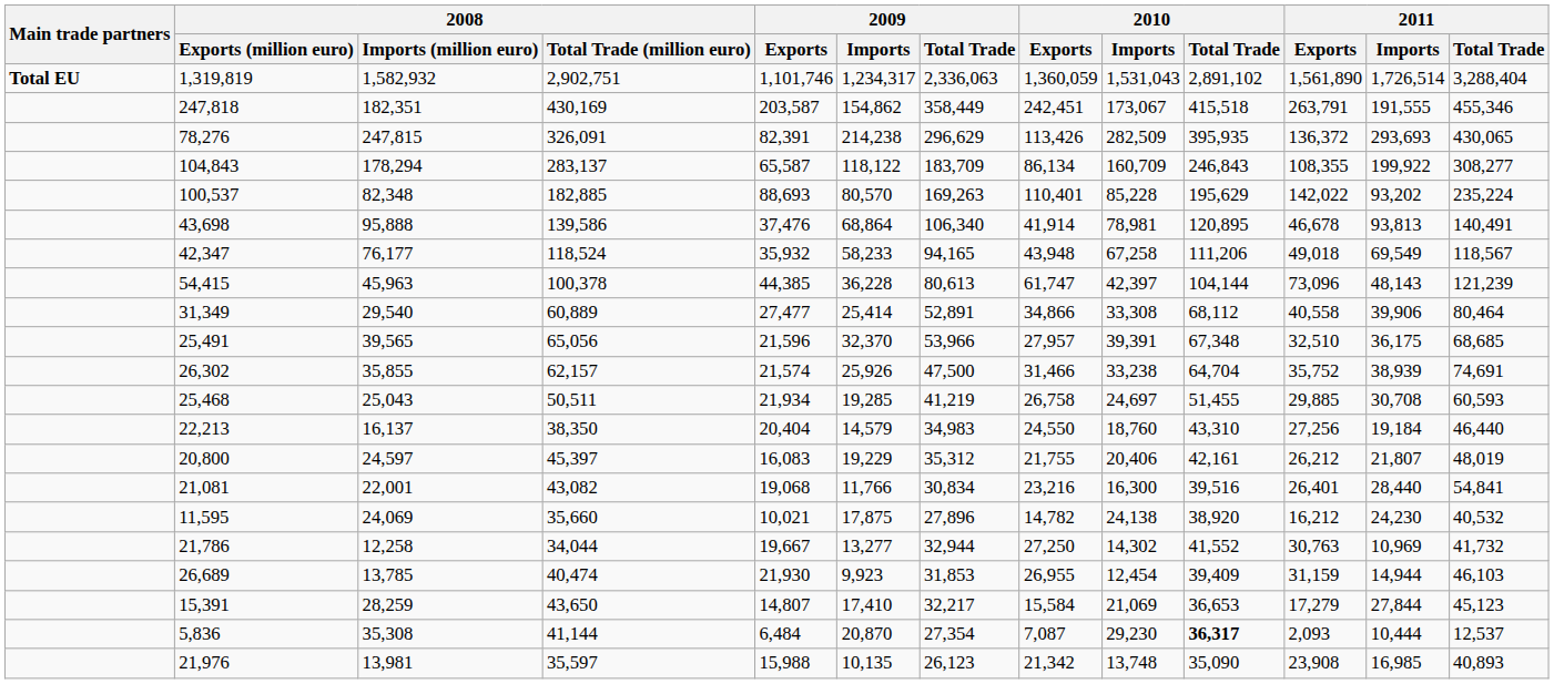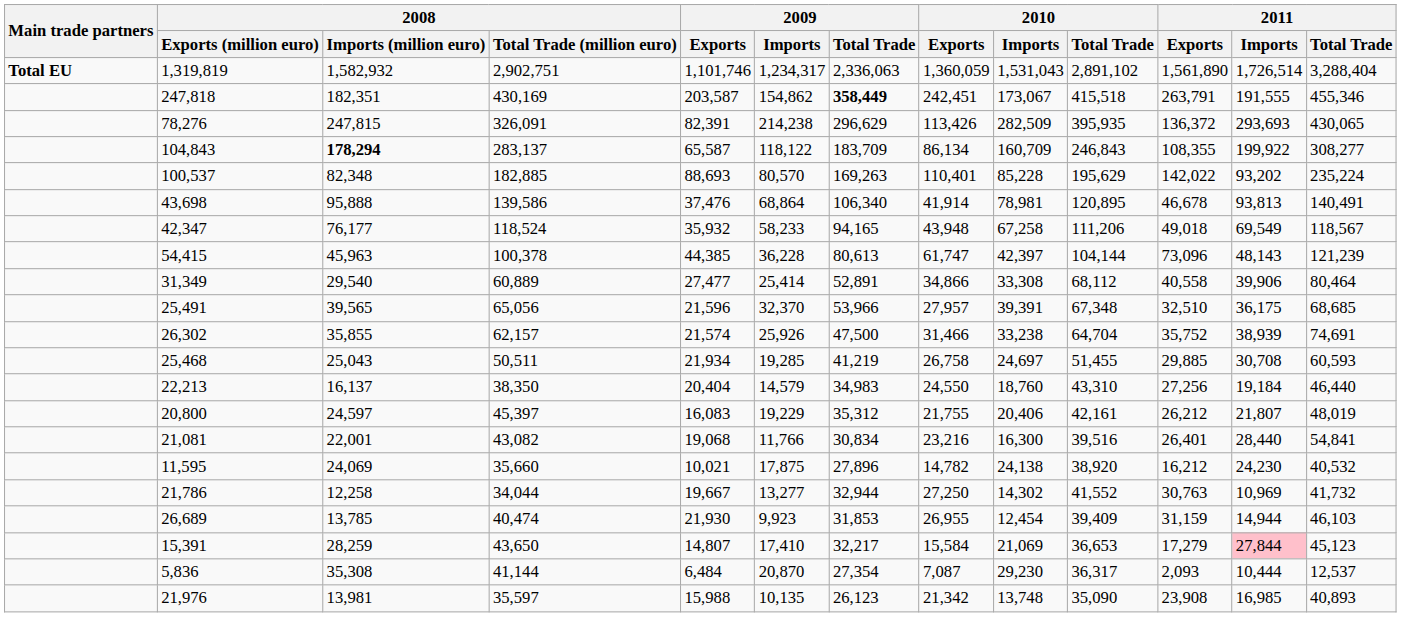 <table class="wikitable sortable mw-collapsible mw-collapsed col1left" >
 <tr>
 <th rowspan="2">Main trade partners</th>
 <th colspan="3">2008</th>
 <th colspan="3">2009</th>
 <th colspan="3">2010</th>
 <th colspan="3">2011</th>
 </tr>
 <tr>
 <th>Exports (million euro)</th>
 <th>Imports (million euro)</th>
 <th>Total Trade (million euro)</th>
 <th>Exports</th>
 <th>Imports</th>
 <th>Total Trade</th>
 <th>Exports</th>
 <th>Imports</th>
 <th>Total Trade</th>
 <th>Exports</th>
 <th>Imports</th>
 <th>Total Trade</th>
 </tr>
 <tr>
 <td><strong>Total EU</strong></td>
 <td>1,319,819</td>
 <td>1,582,932</td>
 <td>2,902,751</td>
 <td>1,101,746</td>
 <td>1,234,317</td>
 <td>2,336,063</td>
 <td>1,360,059</td>
 <td>1,531,043</td>
 <td>2,891,102</td>
 <td>1,561,890</td>
 <td>1,726,514</td>
 <td>3,288,404</td>
 </tr>
 <tr>
 <td></td>
 <td>247,818</td>
 <td>182,351</td>
 <td>430,169</td>
 <td>203,587</td>
 <td>154,862</td>
-<td>358,449</td>
+<td><strong>358,449</strong></td>
 <td>242,451</td>
 <td>173,067</td>
 <td>415,518</td>
 <td>263,791</td>
 <td>191,555</td>
 <td>455,346</td>
 </tr>
 <tr>
 <td></td>
 <td>78,276</td>
 <td>247,815</td>
 <td>326,091</td>
 <td>82,391</td>
 <td>214,238</td>
 <td>296,629</td>
 <td>113,426</td>
 <td>282,509</td>
 <td>395,935</td>
 <td>136,372</td>
 <td>293,693</td>
 <td>430,065</td>
 </tr>
 <tr>
 <td></td>
 <td>104,843</td>
-<td>178,294</td>
+<td><strong>178,294</strong></td>
 <td>283,137</td>
 <td>65,587</td>
 <td>118,122</td>
 <td>183,709</td>
 <td>86,134</td>
 <td>160,709</td>
 <td>246,843</td>
 <td>108,355</td>
 <td>199,922</td>
 <td>308,277</td>
 </tr>
 <tr>
 <td></td>
 <td>100,537</td>
 <td>82,348</td>
 <td>182,885</td>
 <td>88,693</td>
 <td>80,570</td>
 <td>169,263</td>
 <td>110,401</td>
 <td>85,228</td>
 <td>195,629</td>
 <td>142,022</td>
 <td>93,202</td>
 <td>235,224</td>
 </tr>
 <tr>
 <td></td>
 <td>43,698</td>
 <td>95,888</td>
 <td>139,586</td>
 <td>37,476</td>
 <td>68,864</td>
 <td>106,340</td>
 <td>41,914</td>
 <td>78,981</td>
 <td>120,895</td>
 <td>46,678</td>
 <td>93,813</td>
 <td>140,491</td>
 </tr>
 <tr>
 <td></td>
 <td>42,347</td>
 <td>76,177</td>
 <td>118,524</td>
 <td>35,932</td>
 <td>58,233</td>
 <td>94,165</td>
 <td>43,948</td>
 <td>67,258</td>
 <td>111,206</td>
 <td>49,018</td>
 <td>69,549</td>
 <td>118,567</td>
 </tr>
 <tr>
 <td></td>
 <td>54,415</td>
 <td>45,963</td>
 <td>100,378</td>
 <td>44,385</td>
 <td>36,228</td>
 <td>80,613</td>
 <td>61,747</td>
 <td>42,397</td>
 <td>104,144</td>
 <td>73,096</td>
 <td>48,143</td>
 <td>121,239</td>
 </tr>
 <tr>
 <td></td>
 <td>31,349</td>
 <td>29,540</td>
 <td>60,889</td>
 <td>27,477</td>
 <td>25,414</td>
 <td>52,891</td>
 <td>34,866</td>
 <td>33,308</td>
 <td>68,112</td>
 <td>40,558</td>
 <td>39,906</td>
 <td>80,464</td>
 </tr>
 <tr>
 <td></td>
 <td>25,491</td>
 <td>39,565</td>
 <td>65,056</td>
 <td>21,596</td>
 <td>32,370</td>
 <td>53,966</td>
 <td>27,957</td>
 <td>39,391</td>
 <td>67,348</td>
 <td>32,510</td>
 <td>36,175</td>
 <td>68,685</td>
 </tr>
 <tr>
 <td></td>
 <td>26,302</td>
 <td>35,855</td>
 <td>62,157</td>
 <td>21,574</td>
 <td>25,926</td>
 <td>47,500</td>
 <td>31,466</td>
 <td>33,238</td>
 <td>64,704</td>
 <td>35,752</td>
 <td>38,939</td>
 <td>74,691</td>
 </tr>
 <tr>
 <td></td>
 <td>25,468</td>
 <td>25,043</td>
 <td>50,511</td>
 <td>21,934</td>
 <td>19,285</td>
 <td>41,219</td>
 <td>26,758</td>
 <td>24,697</td>
 <td>51,455</td>
 <td>29,885</td>
 <td>30,708</td>
 <td>60,593</td>
 </tr>
 <tr>
 <td></td>
 <td>22,213</td>
 <td>16,137</td>
 <td>38,350</td>
 <td>20,404</td>
 <td>14,579</td>
 <td>34,983</td>
 <td>24,550</td>
 <td>18,760</td>
 <td>43,310</td>
 <td>27,256</td>
 <td>19,184</td>
 <td>46,440</td>
 </tr>
 <tr>
 <td></td>
 <td>20,800</td>
 <td>24,597</td>
 <td>45,397</td>
 <td>16,083</td>
 <td>19,229</td>
 <td>35,312</td>
 <td>21,755</td>
 <td>20,406</td>
 <td>42,161</td>
 <td>26,212</td>
 <td>21,807</td>
 <td>48,019</td>
 </tr>
 <tr>
 <td></td>
 <td>21,081</td>
 <td>22,001</td>
 <td>43,082</td>
 <td>19,068</td>
 <td>11,766</td>
 <td>30,834</td>
 <td>23,216</td>
 <td>16,300</td>
 <td>39,516</td>
 <td>26,401</td>
 <td>28,440</td>
 <td>54,841</td>
 </tr>
 <tr>
 <td></td>
 <td>11,595</td>
 <td>24,069</td>
 <td>35,660</td>
 <td>10,021</td>
 <td>17,875</td>
 <td>27,896</td>
 <td>14,782</td>
 <td>24,138</td>
 <td>38,920</td>
 <td>16,212</td>
 <td>24,230</td>
 <td>40,532</td>
 </tr>
 <tr>
 <td></td>
 <td>21,786</td>
 <td>12,258</td>
 <td>34,044</td>
 <td>19,667</td>
 <td>13,277</td>
 <td>32,944</td>
 <td>27,250</td>
 <td>14,302</td>
 <td>41,552</td>
 <td>30,763</td>
 <td>10,969</td>
 <td>41,732</td>
 </tr>
 <tr>
 <td></td>
 <td>26,689</td>
 <td>13,785</td>
 <td>40,474</td>
 <td>21,930</td>
 <td>9,923</td>
 <td>31,853</td>
 <td>26,955</td>
 <td>12,454</td>
 <td>39,409</td>
 <td>31,159</td>
 <td>14,944</td>
 <td>46,103</td>
 </tr>
 <tr>
 <td></td>
 <td>15,391</td>
 <td>28,259</td>
 <td>43,650</td>
 <td>14,807</td>
 <td>17,410</td>
 <td>32,217</td>
 <td>15,584</td>
 <td>21,069</td>
 <td>36,653</td>
 <td>17,279</td>
-<td>27,844</td>
+<td style="background: pink;">27,844</td>
 <td>45,123</td>
 </tr>
 <tr>
 <td></td>
 <td>5,836</td>
 <td>35,308</td>
 <td>41,144</td>
 <td>6,484</td>
 <td>20,870</td>
 <td>27,354</td>
 <td>7,087</td>
 <td>29,230</td>
-<td><strong>36,317</strong></td>
+<td>36,317</td>
 <td>2,093</td>
 <td>10,444</td>
 <td>12,537</td>
 </tr>
 <tr>
 <td></td>
 <td>21,976</td>
 <td>13,981</td>
 <td>35,597</td>
 <td>15,988</td>
 <td>10,135</td>
 <td>26,123</td>
 <td>21,342</td>
 <td>13,748</td>
 <td>35,090</td>
 <td>23,908</td>
 <td>16,985</td>
 <td>40,893</td>
 </tr>
 </table>
